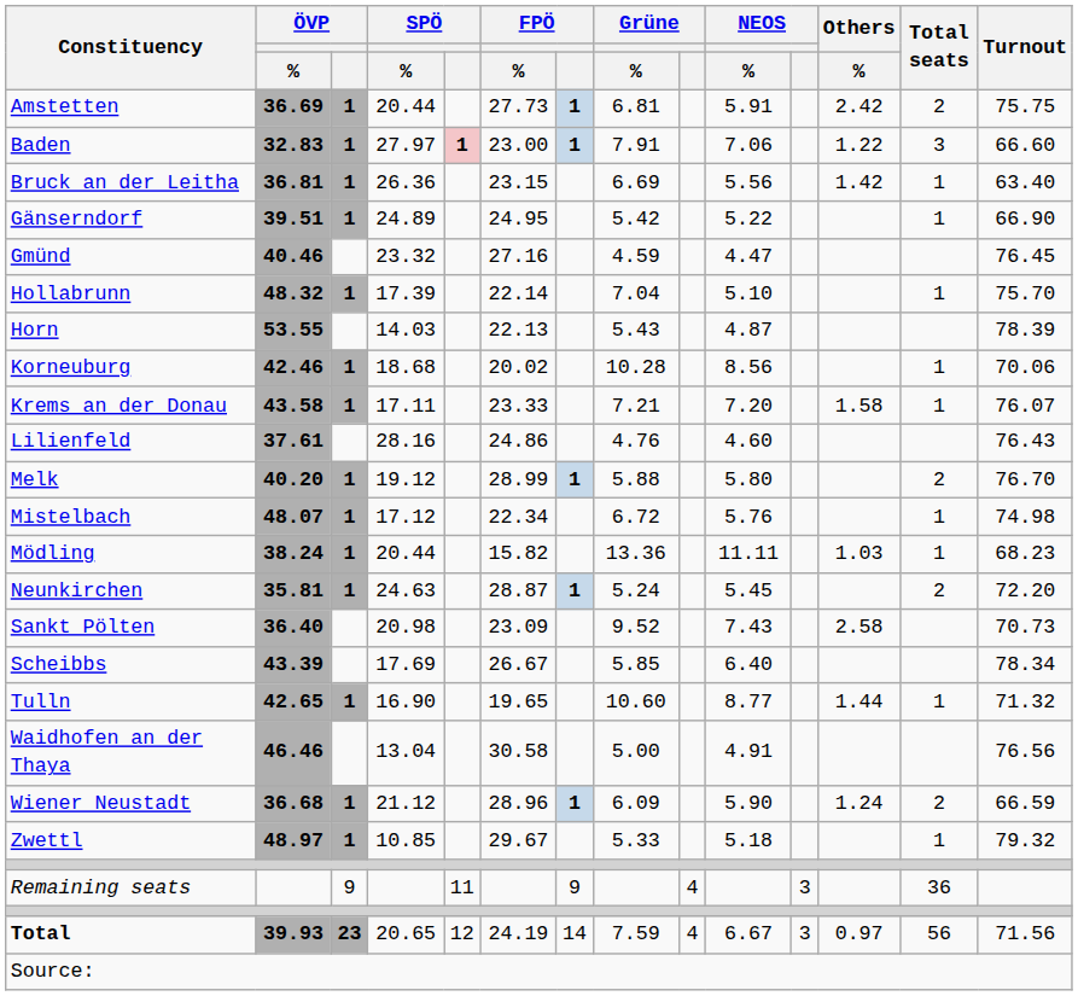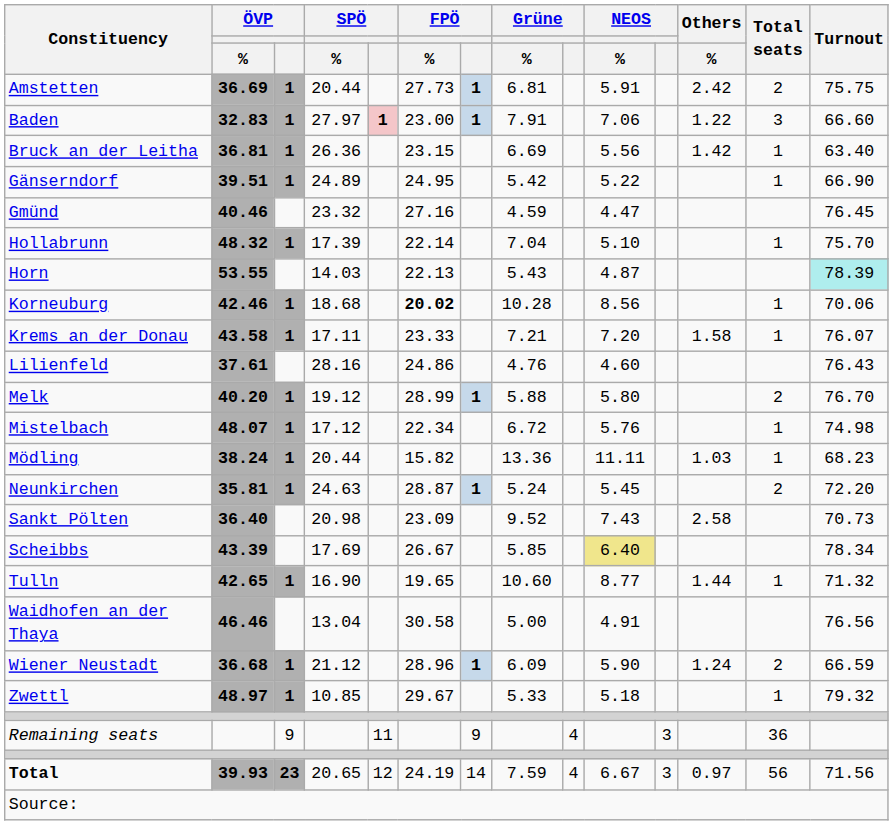 <table class="wikitable" style="text-align:center;font-size:90%;line-height:16px">
 <tr>
 <th rowspan="3" style="width:140px;">Constituency</th>
 <th colspan="2" style="width:60px;"><a href='#'>ÖVP</a></th>
 <th colspan="2" style="width:60px;"><a href='#'>SPÖ</a></th>
 <th colspan="2" style="width:60px;"><a href='#'>FPÖ</a></th>
 <th colspan="2" style="width:60px;"><a href='#'>Grüne</a></th>
 <th colspan="2" style="width:60px;"><a href='#'>NEOS</a></th>
 <th rowspan="2" class="unsortable" style="width:40px;">Others</th>
 <th rowspan="3" class="unsortable" style="width:40px;">Total seats</th>
 <th rowspan="3" class="unsortable" style="width:40px;">Turnout</th>
 </tr>
 <tr>
 <th colspan="2" style="background:"></th>
 <th colspan="2" style="background:"></th>
 <th colspan="2" style="background:"></th>
 <th colspan="2" style="background:"></th>
 <th colspan="2" style="background:"></th>
 </tr>
 <tr>
 <th class="unsortable">%</th>
 <th class="unsortable"></th>
 <th class="unsortable">%</th>
 <th class="unsortable"></th>
 <th class="unsortable">%</th>
 <th class="unsortable"></th>
 <th class="unsortable">%</th>
 <th class="unsortable"></th>
 <th class="unsortable">%</th>
 <th class="unsortable"></th>
 <th class="unsortable">%</th>
 </tr>
 <tr>
 <td align="left"><a href='#'>Amstetten</a></td>
 <td bgcolor=#b0b0b0><strong>36.69</strong></td>
 <td bgcolor=#b0b0b0><strong>1</strong></td>
 <td>20.44</td>
 <td></td>
 <td>27.73</td>
 <td bgcolor=#C6D9EA><strong>1</strong></td>
 <td>6.81</td>
 <td></td>
 <td>5.91</td>
 <td></td>
 <td>2.42</td>
 <td>2</td>
 <td>75.75</td>
 </tr>
 <tr>
 <td align="left"><a href='#'>Baden</a></td>
 <td bgcolor=#b0b0b0><strong>32.83</strong></td>
 <td bgcolor=#b0b0b0><strong>1</strong></td>
 <td>27.97</td>
 <td bgcolor=#F4C6C9><strong>1</strong></td>
 <td>23.00</td>
 <td bgcolor=#C6D9EA><strong>1</strong></td>
 <td>7.91</td>
 <td></td>
 <td>7.06</td>
 <td></td>
 <td>1.22</td>
 <td>3</td>
 <td>66.60</td>
 </tr>
 <tr>
 <td align="left"><a href='#'>Bruck an der Leitha</a></td>
 <td bgcolor=#b0b0b0><strong>36.81</strong></td>
 <td bgcolor=#b0b0b0><strong>1</strong></td>
 <td>26.36</td>
 <td></td>
 <td>23.15</td>
 <td></td>
 <td>6.69</td>
 <td></td>
 <td>5.56</td>
 <td></td>
 <td>1.42</td>
 <td>1</td>
 <td>63.40</td>
 </tr>
 <tr>
 <td align="left"><a href='#'>Gänserndorf</a></td>
 <td bgcolor=#b0b0b0><strong>39.51</strong></td>
 <td bgcolor=#b0b0b0><strong>1</strong></td>
 <td>24.89</td>
 <td></td>
 <td>24.95</td>
 <td></td>
 <td>5.42</td>
 <td></td>
 <td>5.22</td>
 <td></td>
 <td></td>
 <td>1</td>
 <td>66.90</td>
 </tr>
 <tr>
 <td align="left"><a href='#'>Gmünd</a></td>
 <td bgcolor=#b0b0b0><strong>40.46</strong></td>
 <td></td>
 <td>23.32</td>
 <td></td>
 <td>27.16</td>
 <td></td>
 <td>4.59</td>
 <td></td>
 <td>4.47</td>
 <td></td>
 <td></td>
 <td></td>
 <td>76.45</td>
 </tr>
 <tr>
 <td align="left"><a href='#'>Hollabrunn</a></td>
 <td bgcolor=#b0b0b0><strong>48.32</strong></td>
 <td bgcolor=#b0b0b0><strong>1</strong></td>
 <td>17.39</td>
 <td></td>
 <td>22.14</td>
 <td></td>
 <td>7.04</td>
 <td></td>
 <td>5.10</td>
 <td></td>
 <td></td>
 <td>1</td>
 <td>75.70</td>
 </tr>
 <tr>
 <td align="left"><a href='#'>Horn</a></td>
 <td bgcolor=#b0b0b0><strong>53.55</strong></td>
 <td></td>
 <td>14.03</td>
 <td></td>
 <td>22.13</td>
 <td></td>
 <td>5.43</td>
 <td></td>
 <td>4.87</td>
 <td></td>
 <td></td>
 <td></td>
-<td>78.39</td>
+<td style="background: paleturquoise;">78.39</td>
 </tr>
 <tr>
 <td align="left"><a href='#'>Korneuburg</a></td>
 <td bgcolor=#b0b0b0><strong>42.46</strong></td>
 <td bgcolor=#b0b0b0><strong>1</strong></td>
 <td>18.68</td>
 <td></td>
-<td>20.02</td>
+<td><strong>20.02</strong></td>
 <td></td>
 <td>10.28</td>
 <td></td>
 <td>8.56</td>
 <td></td>
 <td></td>
 <td>1</td>
 <td>70.06</td>
 </tr>
 <tr>
 <td align="left"><a href='#'>Krems an der Donau</a></td>
 <td bgcolor=#b0b0b0><strong>43.58</strong></td>
 <td bgcolor=#b0b0b0><strong>1</strong></td>
 <td>17.11</td>
 <td></td>
 <td>23.33</td>
 <td></td>
 <td>7.21</td>
 <td></td>
 <td>7.20</td>
 <td></td>
 <td>1.58</td>
 <td>1</td>
 <td>76.07</td>
 </tr>
 <tr>
 <td align="left"><a href='#'>Lilienfeld</a></td>
 <td bgcolor=#b0b0b0><strong>37.61</strong></td>
 <td></td>
 <td>28.16</td>
 <td></td>
 <td>24.86</td>
 <td></td>
 <td>4.76</td>
 <td></td>
 <td>4.60</td>
 <td></td>
 <td></td>
 <td></td>
 <td>76.43</td>
 </tr>
 <tr>
 <td align="left"><a href='#'>Melk</a></td>
 <td bgcolor=#b0b0b0><strong>40.20</strong></td>
 <td bgcolor=#b0b0b0><strong>1</strong></td>
 <td>19.12</td>
 <td></td>
 <td>28.99</td>
 <td bgcolor=#C6D9EA><strong>1</strong></td>
 <td>5.88</td>
 <td></td>
 <td>5.80</td>
 <td></td>
 <td></td>
 <td>2</td>
 <td>76.70</td>
 </tr>
 <tr>
 <td align="left"><a href='#'>Mistelbach</a></td>
 <td bgcolor=#b0b0b0><strong>48.07</strong></td>
 <td bgcolor=#b0b0b0><strong>1</strong></td>
 <td>17.12</td>
 <td></td>
 <td>22.34</td>
 <td></td>
 <td>6.72</td>
 <td></td>
 <td>5.76</td>
 <td></td>
 <td></td>
 <td>1</td>
 <td>74.98</td>
 </tr>
 <tr>
 <td align="left"><a href='#'>Mödling</a></td>
 <td bgcolor=#b0b0b0><strong>38.24</strong></td>
 <td bgcolor=#b0b0b0><strong>1</strong></td>
 <td>20.44</td>
 <td></td>
 <td>15.82</td>
 <td></td>
 <td>13.36</td>
 <td></td>
 <td>11.11</td>
 <td></td>
 <td>1.03</td>
 <td>1</td>
 <td>68.23</td>
 </tr>
 <tr>
 <td align="left"><a href='#'>Neunkirchen</a></td>
 <td bgcolor=#b0b0b0><strong>35.81</strong></td>
 <td bgcolor=#b0b0b0><strong>1</strong></td>
 <td>24.63</td>
 <td></td>
 <td>28.87</td>
 <td bgcolor=#C6D9EA><strong>1</strong></td>
 <td>5.24</td>
 <td></td>
 <td>5.45</td>
 <td></td>
 <td></td>
 <td>2</td>
 <td>72.20</td>
 </tr>
 <tr>
 <td align="left"><a href='#'>Sankt Pölten</a></td>
 <td bgcolor=#b0b0b0><strong>36.40</strong></td>
 <td></td>
 <td>20.98</td>
 <td></td>
 <td>23.09</td>
 <td></td>
 <td>9.52</td>
 <td></td>
 <td>7.43</td>
 <td></td>
 <td>2.58</td>
 <td></td>
 <td>70.73</td>
 </tr>
 <tr>
 <td align="left"><a href='#'>Scheibbs</a></td>
 <td bgcolor=#b0b0b0><strong>43.39</strong></td>
 <td></td>
 <td>17.69</td>
 <td></td>
 <td>26.67</td>
 <td></td>
 <td>5.85</td>
 <td></td>
-<td>6.40</td>
+<td style="background: khaki;">6.40</td>
 <td></td>
 <td></td>
 <td></td>
 <td>78.34</td>
 </tr>
 <tr>
 <td align="left"><a href='#'>Tulln</a></td>
 <td bgcolor=#b0b0b0><strong>42.65</strong></td>
 <td bgcolor=#b0b0b0><strong>1</strong></td>
 <td>16.90</td>
 <td></td>
 <td>19.65</td>
 <td></td>
 <td>10.60</td>
 <td></td>
 <td>8.77</td>
 <td></td>
 <td>1.44</td>
 <td>1</td>
 <td>71.32</td>
 </tr>
 <tr>
 <td align="left"><a href='#'>Waidhofen an der Thaya</a></td>
 <td bgcolor=#b0b0b0><strong>46.46</strong></td>
 <td></td>
 <td>13.04</td>
 <td></td>
 <td>30.58</td>
 <td></td>
 <td>5.00</td>
 <td></td>
 <td>4.91</td>
 <td></td>
 <td></td>
 <td></td>
 <td>76.56</td>
 </tr>
 <tr>
 <td align="left"><a href='#'>Wiener Neustadt</a></td>
 <td bgcolor=#b0b0b0><strong>36.68</strong></td>
 <td bgcolor=#b0b0b0><strong>1</strong></td>
 <td>21.12</td>
 <td></td>
 <td>28.96</td>
 <td bgcolor=#C6D9EA><strong>1</strong></td>
 <td>6.09</td>
 <td></td>
 <td>5.90</td>
 <td></td>
 <td>1.24</td>
 <td>2</td>
 <td>66.59</td>
 </tr>
 <tr>
 <td align="left"><a href='#'>Zwettl</a></td>
 <td bgcolor=#b0b0b0><strong>48.97</strong></td>
 <td bgcolor=#b0b0b0><strong>1</strong></td>
 <td>10.85</td>
 <td></td>
 <td>29.67</td>
 <td></td>
 <td>5.33</td>
 <td></td>
 <td>5.18</td>
 <td></td>
 <td></td>
 <td>1</td>
 <td>79.32</td>
 </tr>
 <tr>
 <td colspan="14" bgcolor="lightgrey"></td>
 </tr>
 <tr>
 <td align="left"><em>Remaining seats</em></td>
 <td></td>
 <td>9</td>
 <td></td>
 <td>11</td>
 <td></td>
 <td>9</td>
 <td></td>
 <td>4</td>
 <td></td>
 <td>3</td>
 <td></td>
 <td>36</td>
 <td></td>
 </tr>
 <tr>
 <td colspan="14" bgcolor="lightgrey"></td>
 </tr>
 <tr>
 <td align="left"><strong>Total</strong></td>
 <td bgcolor=#b0b0b0><strong>39.93</strong></td>
 <td bgcolor=#b0b0b0><strong>23</strong></td>
 <td>20.65</td>
 <td>12</td>
 <td>24.19</td>
 <td>14</td>
 <td>7.59</td>
 <td>4</td>
 <td>6.67</td>
 <td>3</td>
 <td>0.97</td>
 <td>56</td>
 <td>71.56</td>
 </tr>
 <tr class="sortbottom">
 <td colspan="14" align="left">Source: </td>
 </tr>
 </table>
